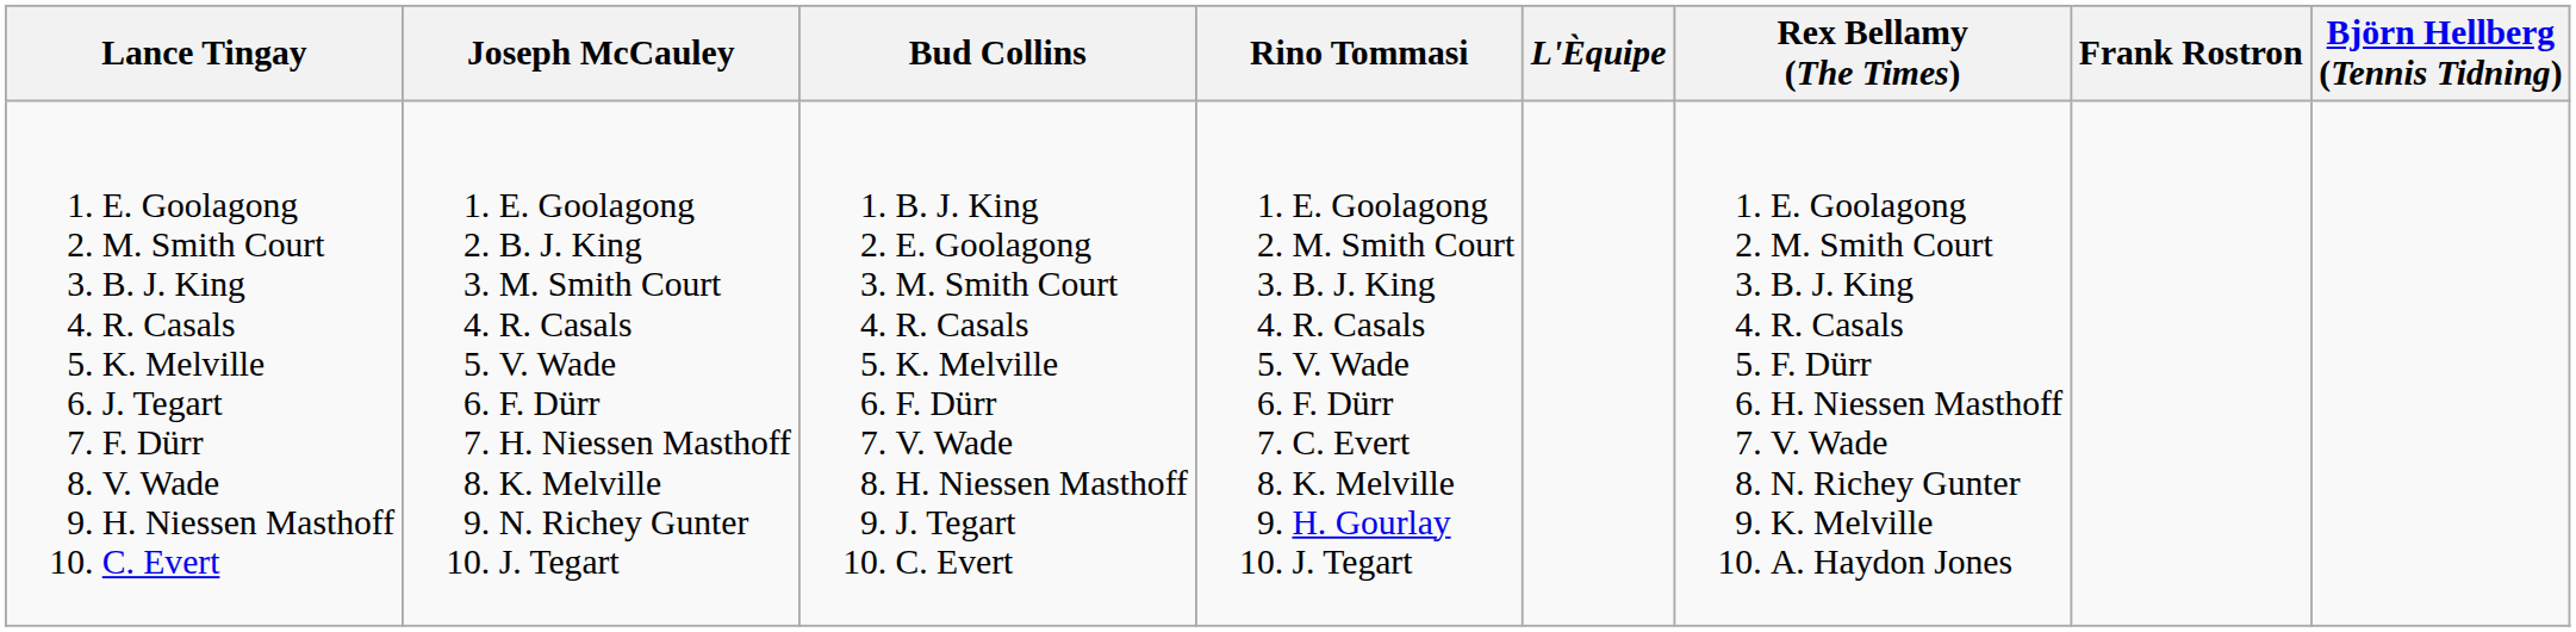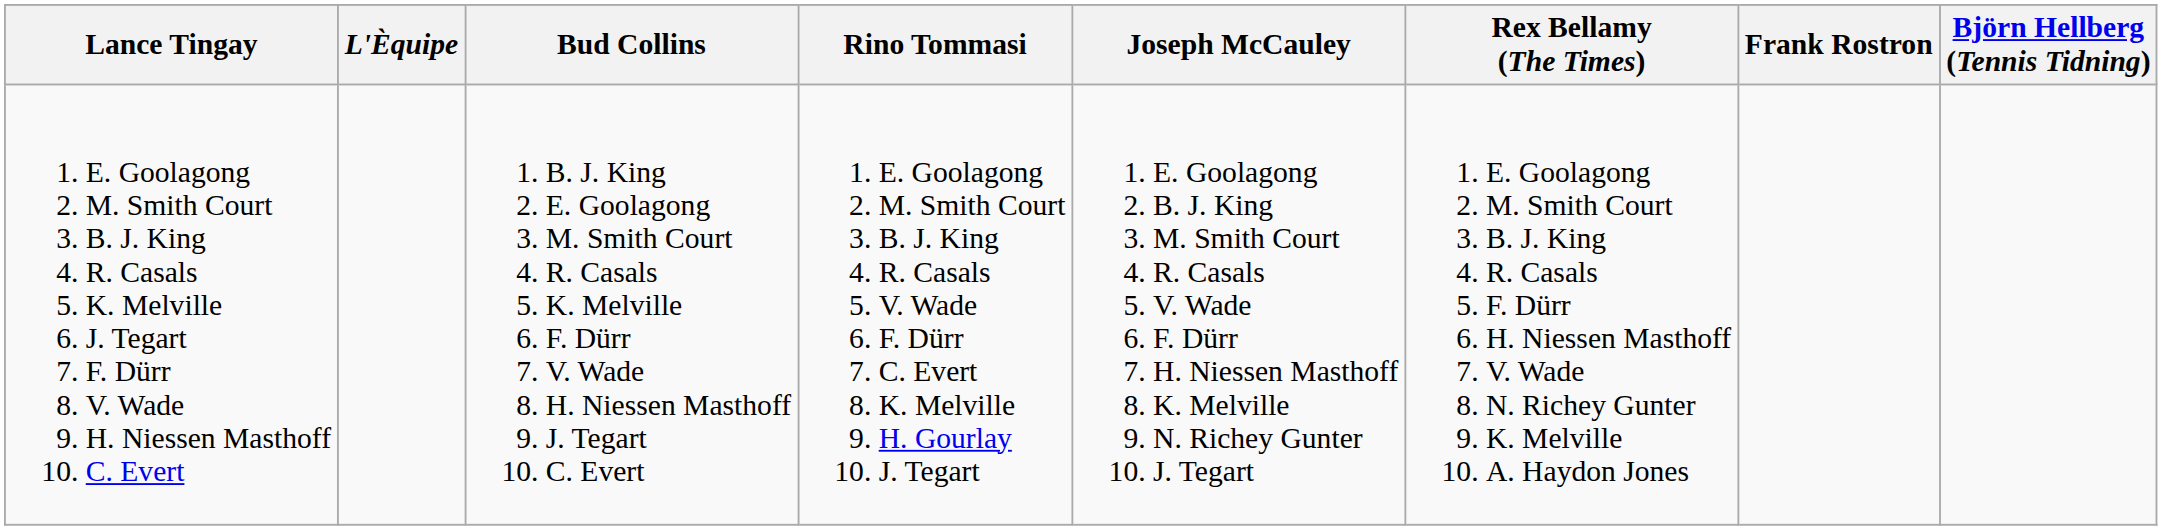 <table class="wikitable">
 <tr>
 <th>Lance Tingay<strong></strong></th>
-<th>Joseph McCauley</th>
+<th><em>L'Èquipe</em></th>
 <th>Bud Collins</th>
 <th>Rino Tommasi</th>
-<th><em>L'Èquipe</em></th>
+<th>Joseph McCauley</th>
 <th>Rex Bellamy<br>(<em>The Times</em>)</th>
 <th>Frank Rostron<em></em></th>
 <th><a href='#'>Björn Hellberg</a><br>(<em>Tennis Tidning</em>)</th>
 </tr>
 <tr style="vertical-align: top;">
 <td style="white-space: nowrap;"><br><ol><li> E. Goolagong</li><li> M. Smith Court</li><li> B. J. King</li><li> R. Casals</li><li> K. Melville</li><li> J. Tegart</li><li> F. Dürr</li><li> V. Wade</li><li> H. Niessen Masthoff</li><li> <a href='#'>C. Evert</a></li></ol></td>
-<td style="white-space: nowrap;"><br><ol><li> E. Goolagong</li><li> B. J. King</li><li> M. Smith Court</li><li> R. Casals</li><li> V. Wade</li><li> F. Dürr</li><li> H. Niessen Masthoff</li><li> K. Melville</li><li> N. Richey Gunter</li><li> J. Tegart</li></ol></td>
+<td></td>
 <td style="white-space: nowrap;"><br><ol><li> B. J. King</li><li> E. Goolagong</li><li> M. Smith Court</li><li> R. Casals</li><li> K. Melville</li><li> F. Dürr</li><li> V. Wade</li><li> H. Niessen Masthoff</li><li> J. Tegart</li><li> C. Evert</li></ol></td>
 <td style="white-space: nowrap;"><br><ol><li> E. Goolagong</li><li> M. Smith Court</li><li> B. J. King</li><li> R. Casals</li><li> V. Wade</li><li> F. Dürr</li><li> C. Evert</li><li> K. Melville</li><li> <a href='#'>H. Gourlay</a></li><li> J. Tegart</li></ol></td>
-<td></td>
+<td style="white-space: nowrap;"><br><ol><li> E. Goolagong</li><li> B. J. King</li><li> M. Smith Court</li><li> R. Casals</li><li> V. Wade</li><li> F. Dürr</li><li> H. Niessen Masthoff</li><li> K. Melville</li><li> N. Richey Gunter</li><li> J. Tegart</li></ol></td>
 <td style="white-space: nowrap;"><br><ol><li> E. Goolagong</li><li> M. Smith Court</li><li> B. J. King</li><li> R. Casals</li><li> F. Dürr</li><li> H. Niessen Masthoff</li><li> V. Wade</li><li> N. Richey Gunter</li><li> K. Melville</li><li> A. Haydon Jones</li></ol></td>
 <td></td>
 <td></td>
 </tr>
 </table>
